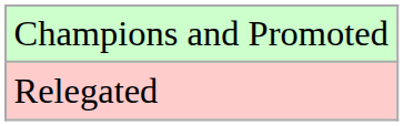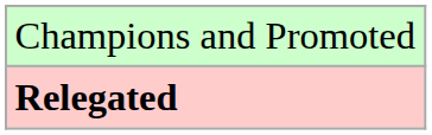 <table class="wikitable">
 <tr width=10px bgcolor="#ccffcc">
 <td>Champions and Promoted</td>
 </tr>
 <tr width=10px bgcolor="#ffcccc">
-<td>Relegated</td>
+<td><strong>Relegated</strong></td>
 </tr>
 </table>
